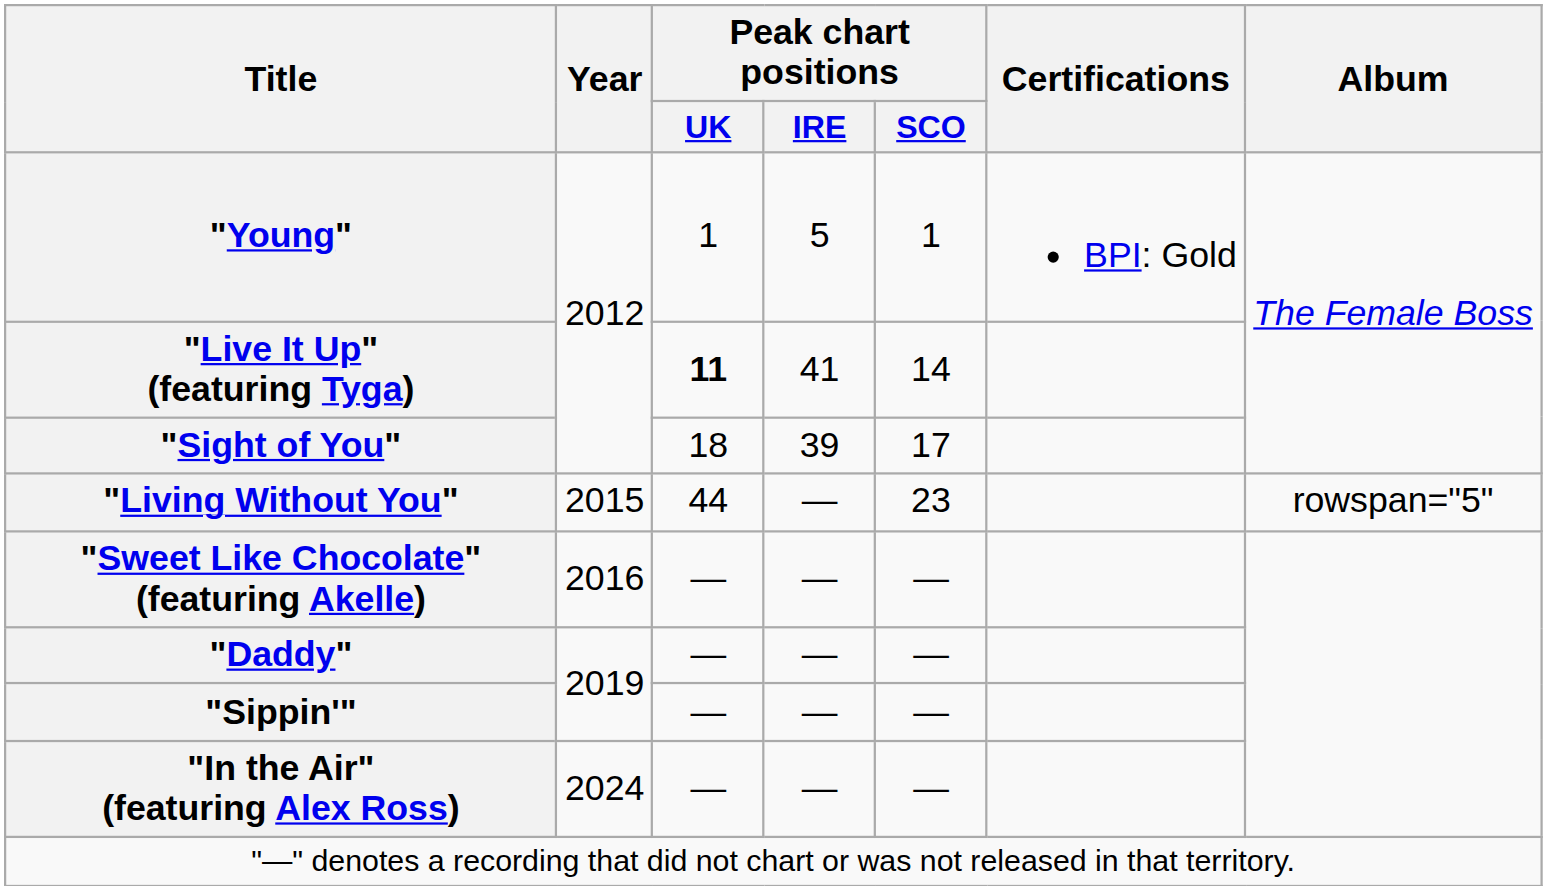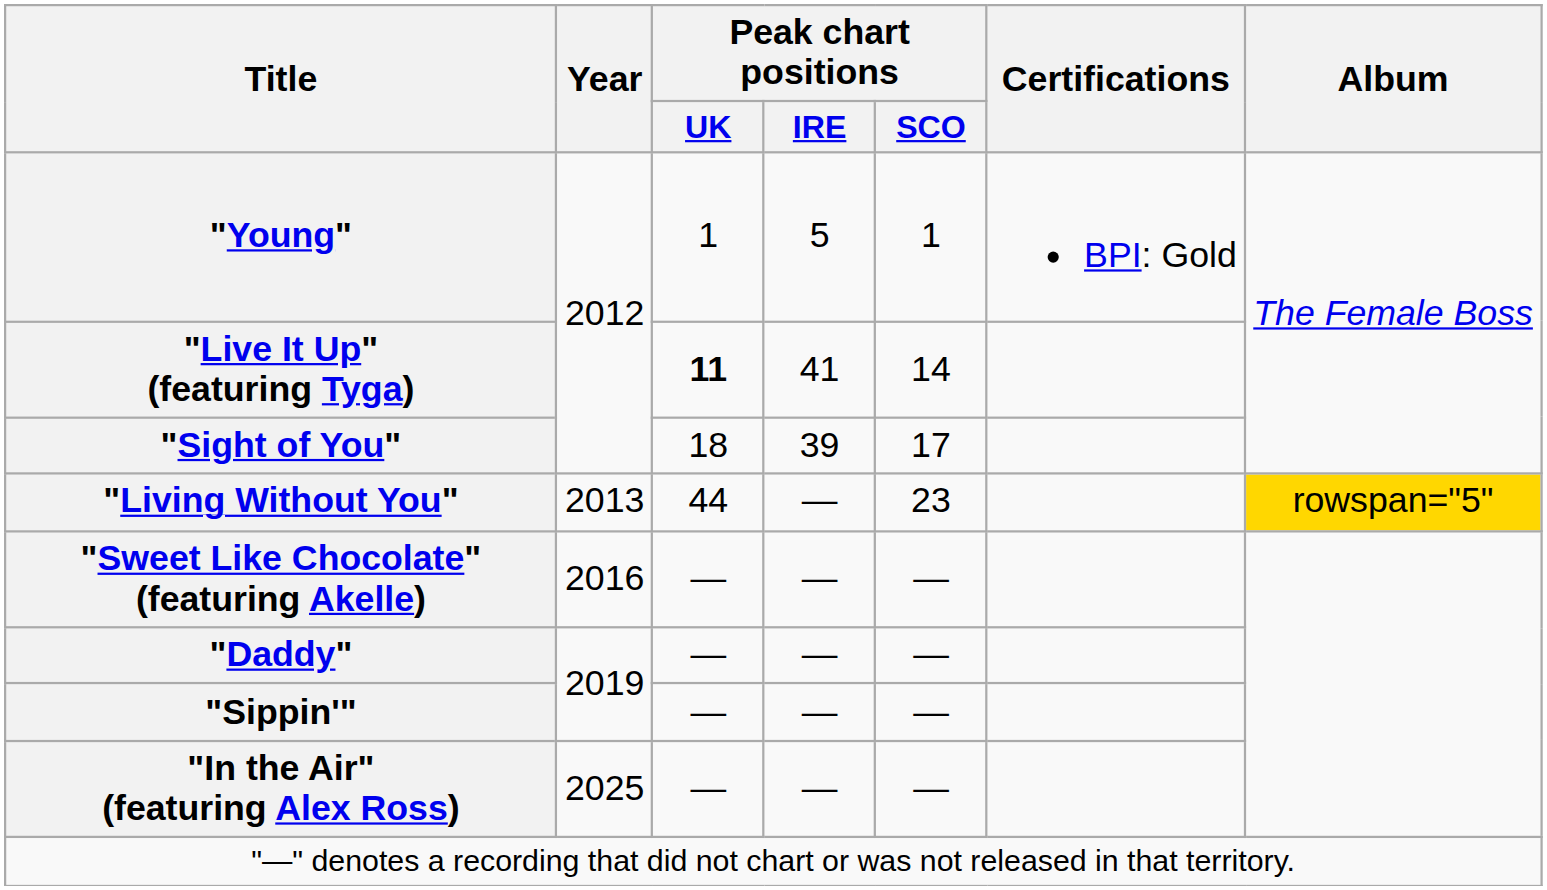 <table class="wikitable plainrowheaders" style="text-align:center;">
 <tr>
 <th scope="col" rowspan="2" style="width:15em;">Title</th>
 <th scope="col" rowspan="2" style="width:1em;">Year</th>
 <th scope="col" colspan="3">Peak chart positions</th>
 <th scope="col" rowspan="2">Certifications</th>
 <th scope="col" rowspan="2">Album</th>
 </tr>
 <tr>
 <th scope="col" style="width:3em;font-size:90%;"><a href='#'>UK</a><br></th>
 <th scope="col" style="width:3em;font-size:90%;"><a href='#'>IRE</a><br></th>
 <th scope="col" style="width:3em;font-size:90%;"><a href='#'>SCO</a><br></th>
 </tr>
 <tr>
 <th scope="row">"<a href='#'>Young</a>"</th>
 <td rowspan="3">2012</td>
 <td>1</td>
 <td>5</td>
 <td>1</td>
 <td><br><ul><li><a href='#'>BPI</a>: Gold</li></ul></td>
 <td rowspan=3><em><a href='#'>The Female Boss</a></em></td>
 </tr>
 <tr>
 <th scope="row">"<a href='#'>Live It Up</a>"<br><span>(featuring <a href='#'>Tyga</a>)</span></th>
 <td><strong>11</strong></td>
 <td>41</td>
 <td>14</td>
 <td></td>
 </tr>
 <tr>
 <th scope="row">"<a href='#'>Sight of You</a>"</th>
 <td>18</td>
 <td>39</td>
 <td>17</td>
 </tr>
 <tr>
 <th scope="row">"<a href='#'>Living Without You</a>"</th>
-<td>2015</td>
+<td>2013</td>
 <td>44</td>
 <td>—</td>
 <td>23</td>
 <td></td>
-<td>rowspan="5" </td>
+<td style="background: gold;">rowspan="5" </td>
 </tr>
 <tr>
 <th scope="row">"<a href='#'>Sweet Like Chocolate</a>"<br><span>(featuring <a href='#'>Akelle</a>)</span></th>
 <td>2016</td>
 <td>—</td>
 <td>—</td>
 <td>—</td>
 <td></td>
 </tr>
 <tr>
 <th scope="row">"<a href='#'>Daddy</a>"</th>
 <td rowspan="2">2019</td>
 <td>—</td>
 <td>—</td>
 <td>—</td>
 <td></td>
 </tr>
 <tr>
 <th scope="row">"Sippin'"</th>
 <td>—</td>
 <td>—</td>
 <td>—</td>
 <td></td>
 </tr>
 <tr>
 <th scope="row">"In the Air"<br><span>(featuring <a href='#'>Alex Ross</a>)</span></th>
-<td>2024</td>
+<td>2025</td>
 <td>—</td>
 <td>—</td>
 <td>—</td>
 <td></td>
 </tr>
 <tr>
 <td colspan="7" style="font-size:85%">"—" denotes a recording that did not chart or was not released in that territory.</td>
 </tr>
 </table>
